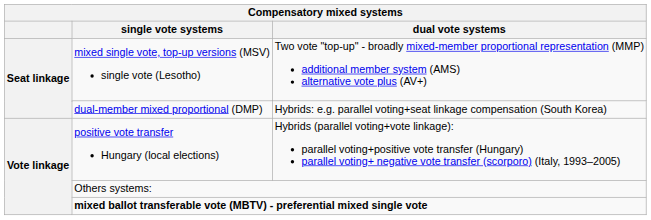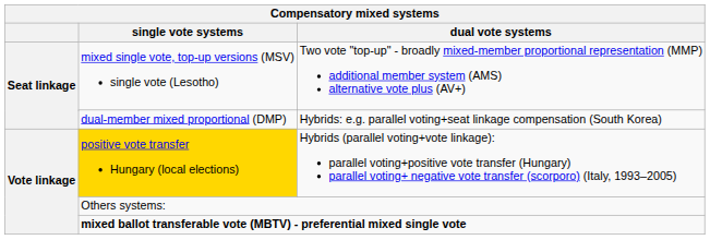 <table class="wikitable">
 <tr>
 <th colspan="3">Compensatory mixed systems</th>
 </tr>
 <tr>
 <th></th>
 <th>single vote systems</th>
 <th>dual vote systems</th>
 </tr>
 <tr>
 <th rowspan="3">Seat linkage</th>
 <td rowspan="2"><a href='#'>mixed single vote, top-up versions</a> (MSV)<br><ul><li>single vote (Lesotho)</li></ul></td>
 <td>Two vote "top-up" - broadly <a href='#'>mixed-member proportional representation</a> (MMP)<br><ul><li><a href='#'>additional member system</a> (AMS)</li><li><a href='#'>alternative vote plus</a> (AV+)</li></ul></td>
 </tr>
 <tr>
 <td rowspan="2">Hybrids: e.g. parallel voting+seat linkage compensation (South Korea)</td>
 </tr>
 <tr>
 <td><a href='#'>dual-member mixed proportional</a> (DMP)</td>
 </tr>
 <tr>
 <th rowspan="3">Vote linkage</th>
-<td><a href='#'>positive vote transfer</a><br><ul><li>Hungary (local elections)</li></ul></td>
+<td style="background: gold;"><a href='#'>positive vote transfer</a><br><ul><li>Hungary (local elections)</li></ul></td>
 <td>Hybrids (parallel voting+vote linkage):<br><ul><li>parallel voting+positive vote transfer (Hungary)</li><li><a href='#'>parallel voting+ negative vote transfer (scorporo)</a> (Italy, 1993–2005)</li></ul></td>
 </tr>
 <tr>
 <td colspan="2">Others systems:</td>
 </tr>
 <tr>
 <td colspan="2"><strong>mixed ballot transferable vote (MBTV) - preferential mixed single vote</strong></td>
 </tr>
 </table>
